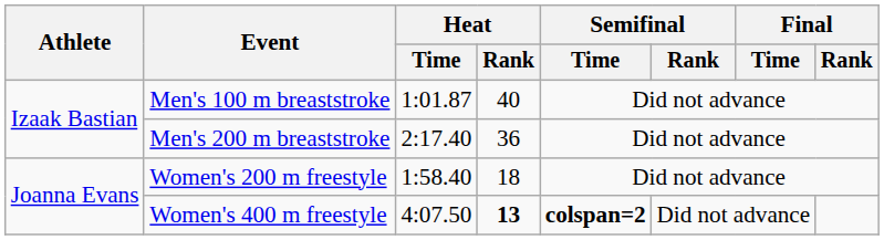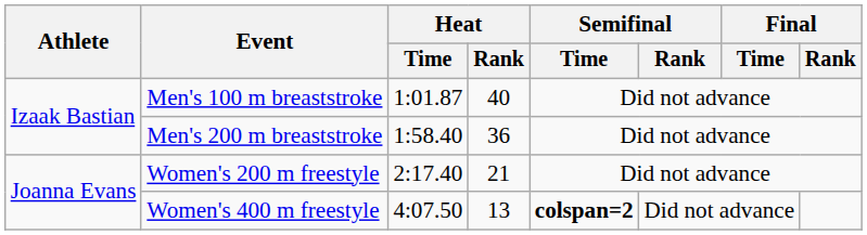 <table class=wikitable style="font-size:90%">
 <tr>
 <th rowspan="2">Athlete</th>
 <th rowspan="2">Event</th>
 <th colspan="2">Heat</th>
 <th colspan="2">Semifinal</th>
 <th colspan="2">Final</th>
 </tr>
 <tr style="font-size:95%">
 <th>Time</th>
 <th>Rank</th>
 <th>Time</th>
 <th>Rank</th>
 <th>Time</th>
 <th>Rank</th>
 </tr>
 <tr align=center>
 <td align=left rowspan=2><a href='#'>Izaak Bastian</a></td>
 <td align=left><a href='#'>Men's 100 m breaststroke</a></td>
 <td>1:01.87</td>
 <td>40</td>
 <td colspan="4">Did not advance</td>
 </tr>
 <tr align=center>
 <td align=left><a href='#'>Men's 200 m breaststroke</a></td>
-<td>2:17.40</td>
+<td>1:58.40</td>
 <td>36</td>
 <td colspan="4">Did not advance</td>
 </tr>
 <tr align=center>
 <td align=left rowspan=2><a href='#'>Joanna Evans</a></td>
 <td align=left><a href='#'>Women's 200 m freestyle</a></td>
-<td>1:58.40</td>
-<td>18</td>
+<td>2:17.40</td>
+<td>21</td>
 <td colspan="4">Did not advance</td>
 </tr>
 <tr align=center>
 <td align=left><a href='#'>Women's 400 m freestyle</a></td>
 <td>4:07.50</td>
-<td><strong>13</strong></td>
+<td>13</td>
 <td><strong>colspan=2 </strong></td>
 <td colspan="2">Did not advance</td>
 </tr>
 </table>
